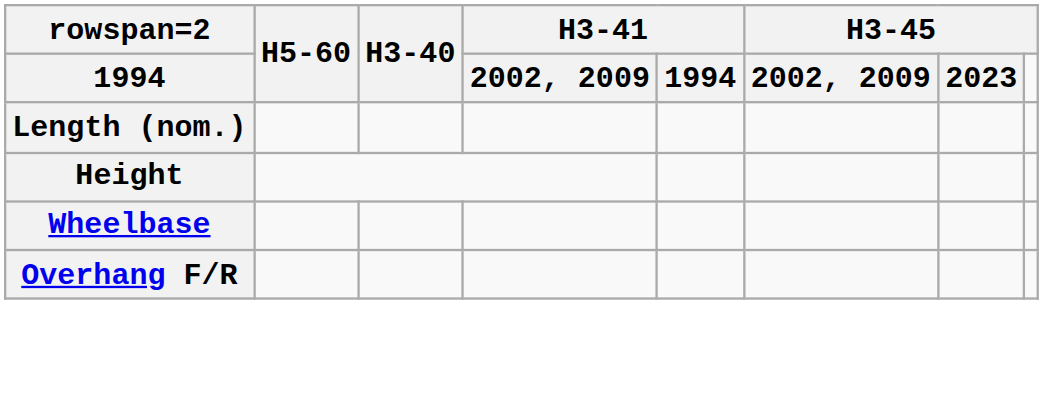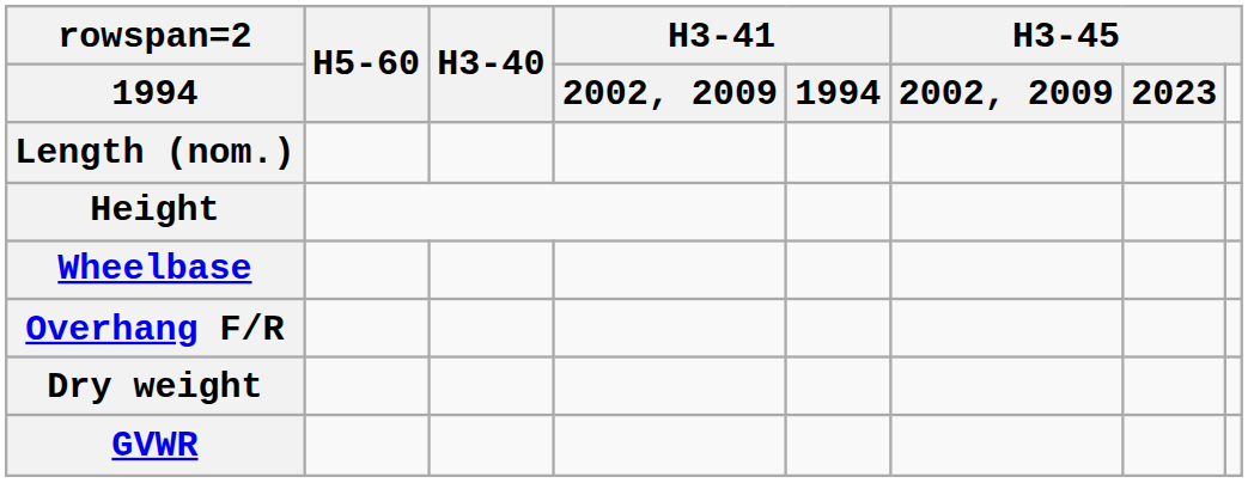 <table class="wikitable" style="font-size:100%;text-align:center;">
 <tr>
 <th>rowspan=2 </th>
 <th rowspan=2>H5-60</th>
 <th rowspan=2>H3-40</th>
 <th colspan=2>H3-41</th>
 <th colspan=3>H3-45</th>
 </tr>
 <tr>
 <th>1994</th>
 <th>2002, 2009</th>
 <th>1994</th>
 <th>2002, 2009</th>
 <th>2023</th>
 </tr>
 <tr>
 <th>Length (nom.)</th>
 <td></td>
 <td></td>
 <td></td>
 <td></td>
 <td></td>
 <td></td>
 <td></td>
 </tr>
 <tr>
 <th>Height</th>
 <td colspan=3></td>
 <td></td>
 <td></td>
 <td></td>
 <td></td>
 </tr>
 <tr>
 <th><a href='#'>Wheelbase</a></th>
 <td></td>
 <td></td>
 <td></td>
 <td></td>
 <td></td>
 <td></td>
 <td></td>
 </tr>
 <tr>
 <th><a href='#'>Overhang</a> F/R</th>
 <td></td>
 <td></td>
 <td></td>
 <td></td>
 <td></td>
 <td></td>
 <td></td>
 </tr>
+<tr>
+<th>Dry weight</th>
+<td></td>
+<td></td>
+<td></td>
+<td></td>
+<td></td>
+<td></td>
+<td></td>
+</tr>
+<tr>
+<th><a href='#'>GVWR</a></th>
+<td></td>
+<td></td>
+<td></td>
+<td></td>
+<td></td>
+<td></td>
+<td></td>
+</tr>
 </table>
